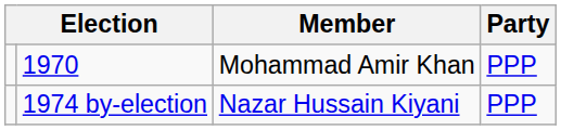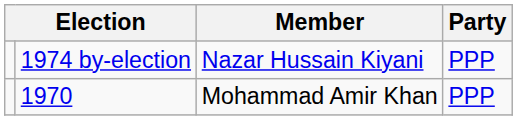 <table class="wikitable">
 <tr>
 <th colspan="2">Election</th>
 <th>Member</th>
 <th>Party</th>
 </tr>
 <tr>
 <td style="background-color: "></td>
+<td><a href='#'>1974 by-election</a></td>
+<td><a href='#'>Nazar Hussain Kiyani</a></td>
+<td><a href='#'>PPP</a></td>
+</tr>
+<tr>
+<td style="background-color: "></td>
 <td><a href='#'>1970</a></td>
 <td>Mohammad Amir Khan</td>
 <td><a href='#'>PPP</a></td>
 </tr>
-<tr>
-<td style="background-color: "></td>
-<td><a href='#'>1974 by-election</a></td>
-<td><a href='#'>Nazar Hussain Kiyani</a></td>
-<td><a href='#'>PPP</a></td>
-</tr>
 </table>
